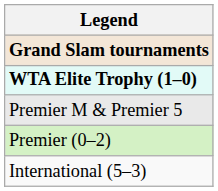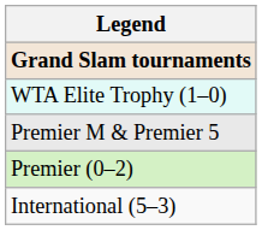 <table class="wikitable" style="font-size:90%">
 <tr>
 <th>Legend</th>
 </tr>
 <tr>
 <td style="background:#f3e6d7;"><strong>Grand Slam tournaments</strong></td>
 </tr>
 <tr>
-<td bgcolor=E2FAF7><strong>WTA Elite Trophy (1–0)</strong></td>
+<td bgcolor=E2FAF7>WTA Elite Trophy (1–0)</td>
 </tr>
 <tr>
 <td style="background:#e9e9e9;">Premier M & Premier 5</td>
 </tr>
 <tr>
 <td style="background:#d4f1c5;">Premier (0–2)</td>
 </tr>
 <tr>
 <td>International (5–3)</td>
 </tr>
 </table>
